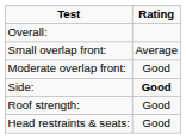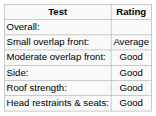 <table class="wikitable">
 <tr>
 <td style="text-align:center;"><strong>Test</strong></td>
 <td style="text-align:center;"><strong>Rating</strong></td>
 </tr>
 <tr>
 <td>Overall:</td>
 <td style="text-align:center;"></td>
 </tr>
 <tr>
 <td>Small overlap front:</td>
 <td style="text-align:center;">Average</td>
 </tr>
 <tr>
 <td>Moderate overlap front:</td>
 <td style="text-align:center;">Good</td>
 </tr>
 <tr>
 <td>Side:</td>
-<td style="text-align:center;"><strong>Good</strong></td>
+<td style="text-align:center;">Good</td>
 </tr>
 <tr>
 <td>Roof strength:</td>
 <td style="text-align:center;">Good</td>
 </tr>
 <tr>
 <td>Head restraints & seats:</td>
 <td style="text-align:center;">Good</td>
 </tr>
 </table>
